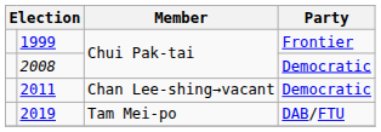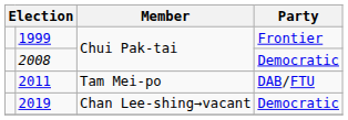 <table class="wikitable">
 <tr>
 <th colspan="2">Election</th>
 <th>Member</th>
 <th>Party</th>
 </tr>
 <tr>
 <td style="background-color:"></td>
 <td><a href='#'>1999</a></td>
 <td rowspan=2>Chui Pak-tai</td>
 <td><a href='#'>Frontier</a></td>
 </tr>
 <tr>
 <td style="background-color:"></td>
 <td><em>2008</em></td>
 <td><a href='#'>Democratic</a></td>
 </tr>
 <tr>
 <td style="background-color:"></td>
 <td><a href='#'>2011</a></td>
+<td>Tam Mei-po</td>
+<td><a href='#'>DAB</a>/<a href='#'>FTU</a></td>
+</tr>
+<tr>
+<td style="background-color:"></td>
+<td><a href='#'>2019</a></td>
 <td>Chan Lee-shing→vacant</td>
 <td><a href='#'>Democratic</a></td>
 </tr>
 <tr>
-<td style="background-color:"></td>
-<td><a href='#'>2019</a></td>
-<td>Tam Mei-po</td>
-<td><a href='#'>DAB</a>/<a href='#'>FTU</a></td>
-</tr>
-<tr>
 </tr>
 </table>
